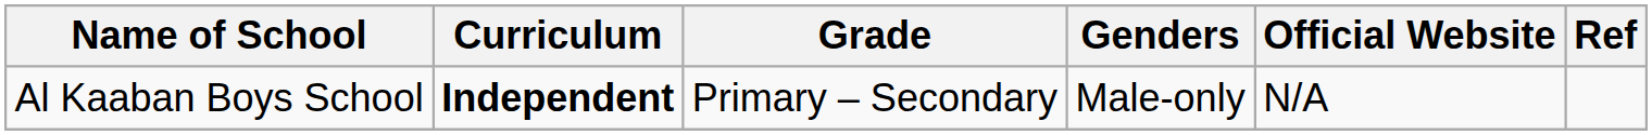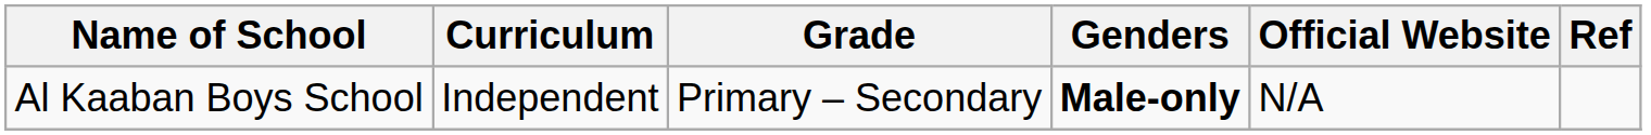 <table class="wikitable">
 <tr>
 <th>Name of School</th>
 <th>Curriculum</th>
 <th>Grade</th>
 <th>Genders</th>
 <th>Official Website</th>
 <th>Ref</th>
 </tr>
 <tr>
 <td>Al Kaaban Boys School</td>
-<td><strong>Independent</strong></td>
+<td>Independent</td>
 <td>Primary – Secondary</td>
-<td>Male-only</td>
+<td><strong>Male-only</strong></td>
 <td>N/A</td>
 <td></td>
 </tr>
 <tr>
 </tr>
 </table>
